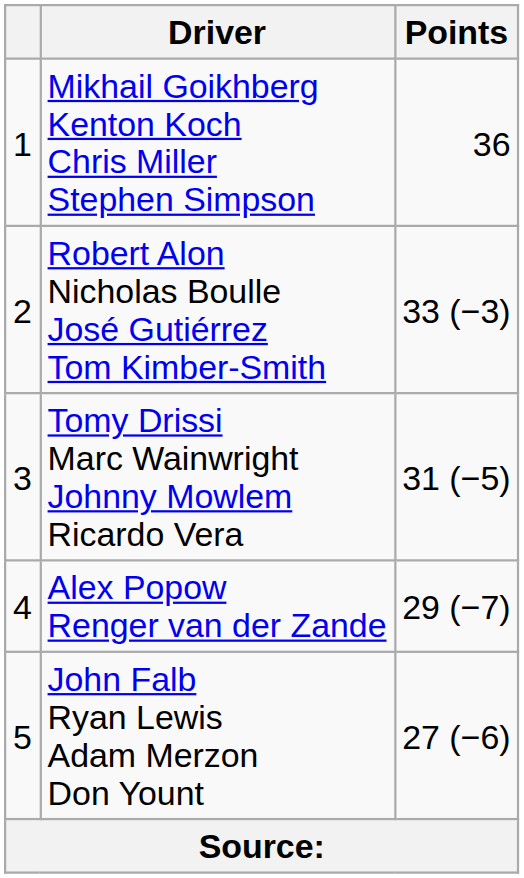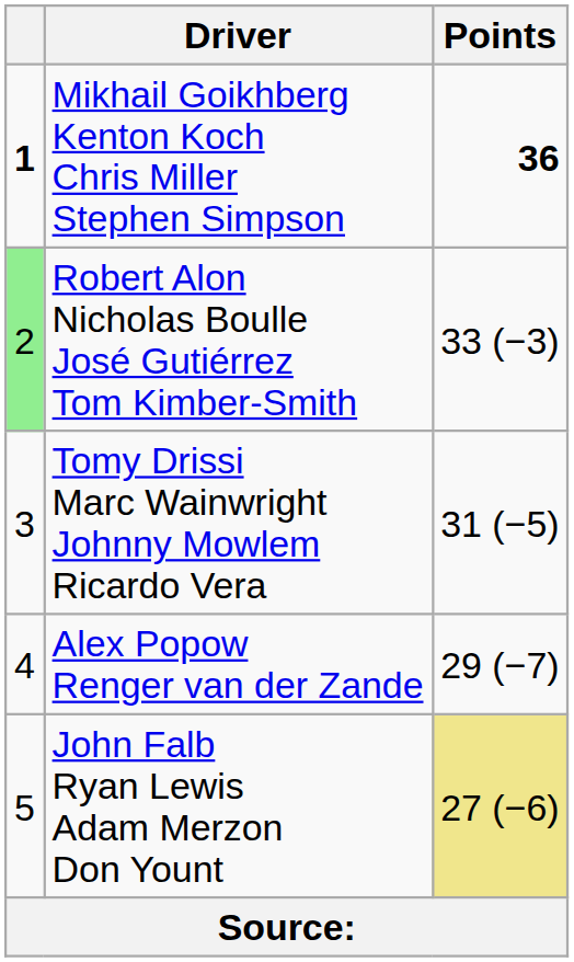 <table class="wikitable" style="font-size: 95%;">
 <tr>
 <th scope="col"></th>
 <th scope="col">Driver</th>
 <th scope="col">Points</th>
 </tr>
 <tr>
-<td align=center>1</td>
+<td align=center><strong>1</strong></td>
 <td> <a href='#'>Mikhail Goikhberg</a><br> <a href='#'>Kenton Koch</a><br> <a href='#'>Chris Miller</a><br> <a href='#'>Stephen Simpson</a></td>
-<td align=right>36</td>
+<td align=right><strong>36</strong></td>
 </tr>
 <tr>
-<td align=center>2</td>
+<td align=center style="background: lightgreen;">2</td>
 <td> <a href='#'>Robert Alon</a><br> Nicholas Boulle<br> <a href='#'>José Gutiérrez</a><br> <a href='#'>Tom Kimber-Smith</a></td>
 <td align=right>33 (−3)</td>
 </tr>
 <tr>
 <td align=center>3</td>
 <td> <a href='#'>Tomy Drissi</a><br> Marc Wainwright<br> <a href='#'>Johnny Mowlem</a><br> Ricardo Vera</td>
 <td align=right>31 (−5)</td>
 </tr>
 <tr>
 <td align=center>4</td>
 <td> <a href='#'>Alex Popow</a><br> <a href='#'>Renger van der Zande</a></td>
 <td align=right>29 (−7)</td>
 </tr>
 <tr>
 <td align=center>5</td>
 <td> <a href='#'>John Falb</a><br> Ryan Lewis<br> Adam Merzon<br> Don Yount</td>
-<td align=right>27 (−6)</td>
+<td align=right style="background: khaki;">27 (−6)</td>
 </tr>
 <tr>
 <th colspan=4>Source:</th>
 </tr>
 </table>
